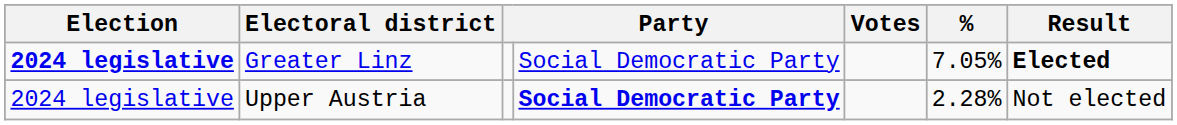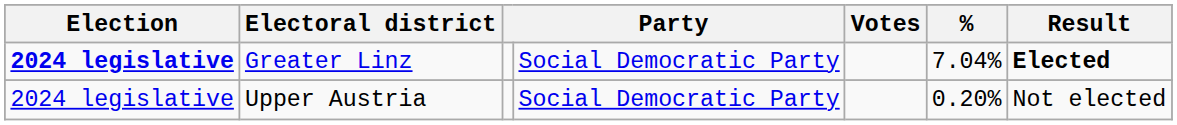 <table class="wikitable" style="text-align:left;">
 <tr>
 <th scope=col>Election</th>
 <th scope=col>Electoral district</th>
 <th scope=col colspan="2">Party</th>
 <th scope=col>Votes</th>
 <th scope=col>%</th>
 <th scope=col>Result</th>
 </tr>
 <tr>
 <td><strong><a href='#'>2024 legislative</a></strong></td>
 <td><a href='#'>Greater Linz</a></td>
 <td style="background:"></td>
 <td><a href='#'>Social Democratic Party</a></td>
 <td align=right></td>
-<td align=right>7.05%</td>
+<td align=right>7.04%</td>
 <td><strong>Elected</strong></td>
 </tr>
 <tr>
 <td><a href='#'>2024 legislative</a></td>
 <td>Upper Austria</td>
 <td style="background:"></td>
-<td><strong><a href='#'>Social Democratic Party</a></strong></td>
+<td><a href='#'>Social Democratic Party</a></td>
 <td align=right></td>
-<td align=right>2.28%</td>
+<td align=right>0.20%</td>
 <td>Not elected</td>
 </tr>
 </table>
